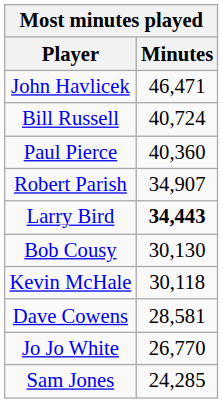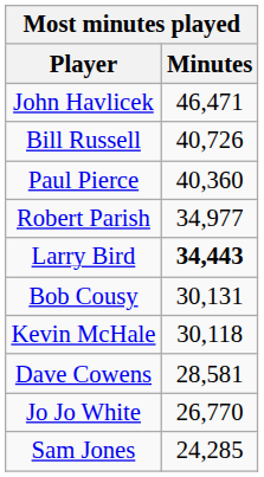 <table class="wikitable sortable" style="text-align:center">
 <tr>
 <th colspan="2" style="text-align:center; ">Most minutes played</th>
 </tr>
 <tr>
 <th style="text-align:center; ">Player</th>
 <th style="text-align:center; ">Minutes</th>
 </tr>
 <tr>
 <td><a href='#'>John Havlicek</a></td>
 <td>46,471</td>
 </tr>
 <tr>
 <td><a href='#'>Bill Russell</a></td>
-<td>40,724</td>
+<td>40,726</td>
 </tr>
 <tr>
 <td><a href='#'>Paul Pierce</a></td>
 <td>40,360</td>
 </tr>
 <tr>
 <td><a href='#'>Robert Parish</a></td>
-<td>34,907</td>
+<td>34,977</td>
 </tr>
 <tr>
 <td><a href='#'>Larry Bird</a></td>
 <td><strong>34,443</strong></td>
 </tr>
 <tr>
 <td><a href='#'>Bob Cousy</a></td>
-<td>30,130</td>
+<td>30,131</td>
 </tr>
 <tr>
 <td><a href='#'>Kevin McHale</a></td>
 <td>30,118</td>
 </tr>
 <tr>
 <td><a href='#'>Dave Cowens</a></td>
 <td>28,581</td>
 </tr>
 <tr>
 <td><a href='#'>Jo Jo White</a></td>
 <td>26,770</td>
 </tr>
 <tr>
 <td><a href='#'>Sam Jones</a></td>
 <td>24,285</td>
 </tr>
 </table>
